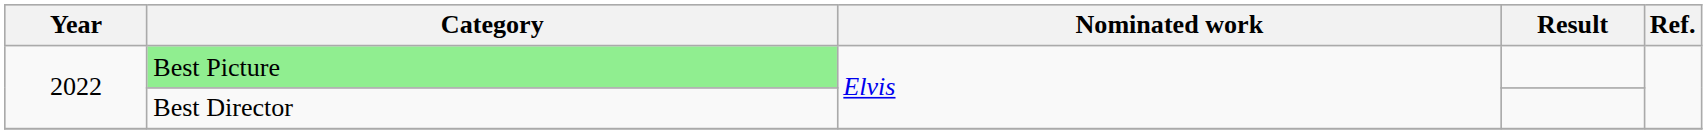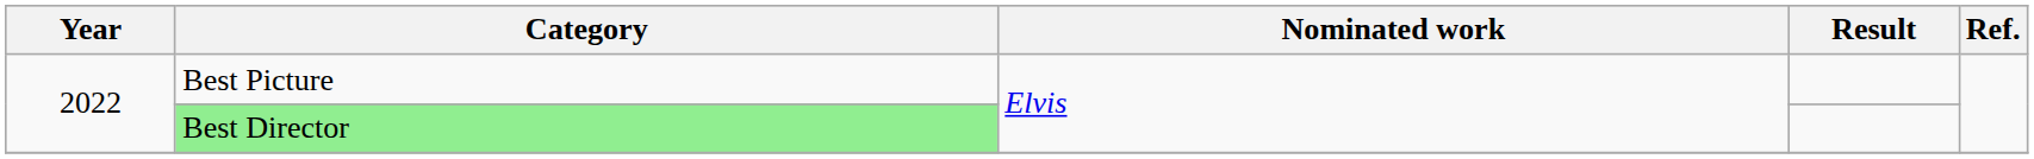 <table class="wikitable">
 <tr>
 <th scope="col" style="width:5em;">Year</th>
 <th scope="col" style="width:26em;">Category</th>
 <th scope="col" style="width:25em;">Nominated work</th>
 <th scope="col" style="width:5em;">Result</th>
 <th>Ref.</th>
 </tr>
 <tr>
 <td rowspan="2" style="text-align:center;">2022</td>
-<td style="background: lightgreen;">Best Picture</td>
+<td>Best Picture</td>
 <td rowspan="2"><em><a href='#'>Elvis</a></em></td>
 <td></td>
 <td rowspan="2"></td>
 </tr>
 <tr>
-<td>Best Director</td>
+<td style="background: lightgreen;">Best Director</td>
 <td></td>
 </tr>
 <tr>
 </tr>
 </table>
